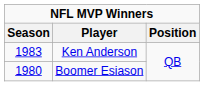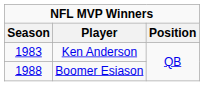 <table class="wikitable sortable" style="text-align:center">
 <tr>
 <td colspan="3"><strong>NFL MVP Winners</strong></td>
 </tr>
 <tr>
 <th>Season</th>
 <th>Player</th>
 <th>Position</th>
 </tr>
 <tr>
 <td><a href='#'>1983</a></td>
 <td><a href='#'>Ken Anderson</a></td>
 <td rowspan=2><a href='#'>QB</a></td>
 </tr>
 <tr>
-<td><a href='#'>1980</a></td>
+<td><a href='#'>1988</a></td>
 <td><a href='#'>Boomer Esiason</a></td>
 </tr>
 </table>
